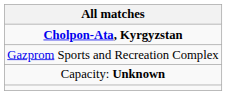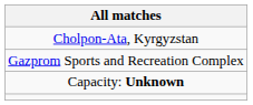 <table class="wikitable" style="text-align:center">
 <tr>
 <th>All matches</th>
 </tr>
 <tr>
-<td><strong><a href='#'>Cholpon-Ata</a>, Kyrgyzstan</strong></td>
+<td><a href='#'>Cholpon-Ata</a>, Kyrgyzstan</td>
 </tr>
 <tr>
 <td><a href='#'>Gazprom</a> Sports and Recreation Complex</td>
 </tr>
 <tr>
 <td>Capacity: <strong>Unknown</strong></td>
 </tr>
 <tr>
 <td></td>
 </tr>
 </table>
